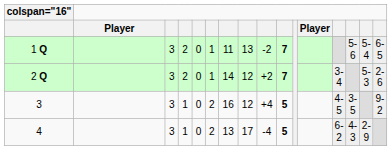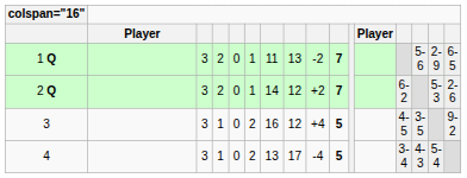 <table class=wikitable style=text-align:center>
 <tr>
 <th>colspan="16" </th>
 </tr>
 <tr>
 <th width=20 abbr=Position></th>
 <th width=250>Player</th>
 <th width=20 abbr=Played></th>
 <th width=20 abbr=Won></th>
 <th width=20 abbr=Drawn></th>
 <th width=20 abbr=Lost></th>
 <th width=30 abbr=Points for></th>
 <th width=30 abbr=Points against></th>
 <th width=30 abbr=Points difference></th>
 <th width=30 abbr=Points></th>
 <th rowspan="5" abbr=H2H></th>
 <th>Player</th>
 <th></th>
 <th></th>
 <th></th>
 <th></th>
 </tr>
 <tr bgcolor=#CCFFCC>
 <td>1 <strong>Q</strong></td>
 <td align=left><strong></strong></td>
 <td>3</td>
 <td>2</td>
 <td>0</td>
 <td>1</td>
 <td>11</td>
 <td>13</td>
 <td>-2</td>
 <td><strong>7</strong></td>
 <td></td>
 <td bgcolor="#dddddd"> </td>
 <td bgcolor="#efefef">5-6</td>
-<td bgcolor="#efefef">5-4</td>
+<td bgcolor="#efefef">2-9</td>
 <td bgcolor="#efefef">6-5</td>
 </tr>
 <tr bgcolor=#CCFFCC>
 <td>2 <strong>Q</strong> </td>
 <td align=left><strong></strong></td>
 <td>3</td>
 <td>2</td>
 <td>0</td>
 <td>1</td>
 <td>14</td>
 <td>12</td>
 <td>+2</td>
 <td><strong>7</strong></td>
 <td></td>
-<td bgcolor="#efefef">3-4</td>
+<td bgcolor="#efefef">6-2</td>
 <td bgcolor="#dddddd"> </td>
 <td bgcolor="#efefef">5-3</td>
 <td bgcolor="#efefef">2-6</td>
 </tr>
 <tr>
 <td>3 </td>
 <td align=left><strong></strong></td>
 <td>3</td>
 <td>1</td>
 <td>0</td>
 <td>2</td>
 <td>16</td>
 <td>12</td>
 <td>+4</td>
 <td><strong>5</strong></td>
 <td></td>
 <td bgcolor="#efefef">4-5</td>
 <td bgcolor="#efefef">3-5</td>
 <td bgcolor="#dddddd"> </td>
 <td bgcolor="#efefef">9-2</td>
 </tr>
 <tr>
 <td>4 </td>
 <td align=left><strong></strong></td>
 <td>3</td>
 <td>1</td>
 <td>0</td>
 <td>2</td>
 <td>13</td>
 <td>17</td>
 <td>-4</td>
 <td><strong>5</strong></td>
 <td></td>
-<td bgcolor="#efefef">6-2</td>
+<td bgcolor="#efefef">3-4</td>
 <td bgcolor="#efefef">4-3</td>
-<td bgcolor="#efefef">2-9</td>
+<td bgcolor="#efefef">5-4</td>
 <td bgcolor="#dddddd"> </td>
 </tr>
 </table>
